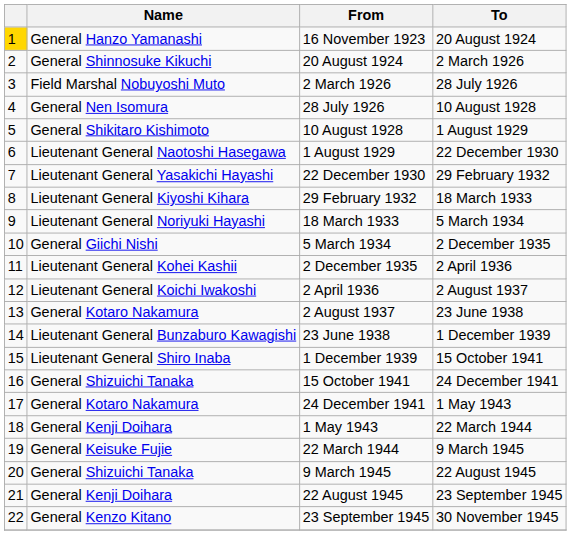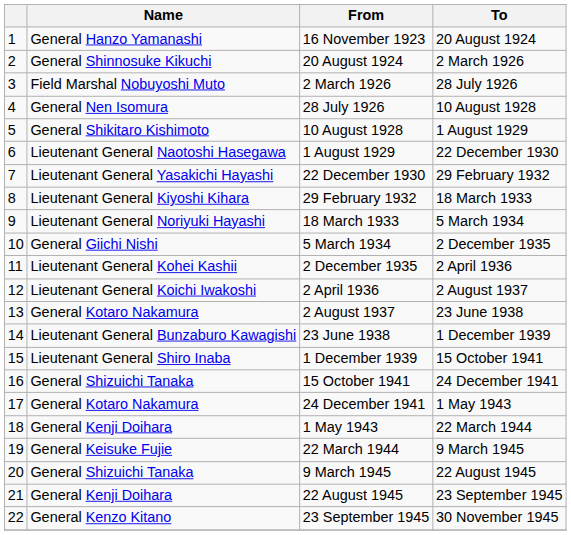 <table class=wikitable>
 <tr>
 <th></th>
 <th>Name</th>
 <th>From</th>
 <th>To</th>
 </tr>
 <tr>
-<td style="background: gold;">1</td>
+<td>1</td>
 <td>General <a href='#'>Hanzo Yamanashi</a></td>
 <td>16 November 1923</td>
 <td>20 August 1924</td>
 </tr>
 <tr>
 <td>2</td>
 <td>General <a href='#'>Shinnosuke Kikuchi</a></td>
 <td>20 August 1924</td>
 <td>2 March 1926</td>
 </tr>
 <tr>
 <td>3</td>
 <td>Field Marshal <a href='#'>Nobuyoshi Muto</a></td>
 <td>2 March 1926</td>
 <td>28 July 1926</td>
 </tr>
 <tr>
 <td>4</td>
 <td>General <a href='#'>Nen Isomura</a></td>
 <td>28 July 1926</td>
 <td>10 August 1928</td>
 </tr>
 <tr>
 <td>5</td>
 <td>General <a href='#'>Shikitaro Kishimoto</a></td>
 <td>10 August 1928</td>
 <td>1 August 1929</td>
 </tr>
 <tr>
 <td>6</td>
 <td>Lieutenant General <a href='#'>Naotoshi Hasegawa</a></td>
 <td>1 August 1929</td>
 <td>22 December 1930</td>
 </tr>
 <tr>
 <td>7</td>
 <td>Lieutenant General <a href='#'>Yasakichi Hayashi</a></td>
 <td>22 December 1930</td>
 <td>29 February 1932</td>
 </tr>
 <tr>
 <td>8</td>
 <td>Lieutenant General <a href='#'>Kiyoshi Kihara</a></td>
 <td>29 February 1932</td>
 <td>18 March 1933</td>
 </tr>
 <tr>
 <td>9</td>
 <td>Lieutenant General <a href='#'>Noriyuki Hayashi</a></td>
 <td>18 March 1933</td>
 <td>5 March 1934</td>
 </tr>
 <tr>
 <td>10</td>
 <td>General <a href='#'>Giichi Nishi</a></td>
 <td>5 March 1934</td>
 <td>2 December 1935</td>
 </tr>
 <tr>
 <td>11</td>
 <td>Lieutenant General <a href='#'>Kohei Kashii</a></td>
 <td>2 December 1935</td>
 <td>2 April 1936</td>
 </tr>
 <tr>
 <td>12</td>
 <td>Lieutenant General <a href='#'>Koichi Iwakoshi</a></td>
 <td>2 April 1936</td>
 <td>2 August 1937</td>
 </tr>
 <tr>
 <td>13</td>
 <td>General <a href='#'>Kotaro Nakamura</a></td>
 <td>2 August 1937</td>
 <td>23 June 1938</td>
 </tr>
 <tr>
 <td>14</td>
 <td>Lieutenant General <a href='#'>Bunzaburo Kawagishi</a></td>
 <td>23 June 1938</td>
 <td>1 December 1939</td>
 </tr>
 <tr>
 <td>15</td>
 <td>Lieutenant General <a href='#'>Shiro Inaba</a></td>
 <td>1 December 1939</td>
 <td>15 October 1941</td>
 </tr>
 <tr>
 <td>16</td>
 <td>General <a href='#'>Shizuichi Tanaka</a></td>
 <td>15 October 1941</td>
 <td>24 December 1941</td>
 </tr>
 <tr>
 <td>17</td>
 <td>General <a href='#'>Kotaro Nakamura</a></td>
 <td>24 December 1941</td>
 <td>1 May 1943</td>
 </tr>
 <tr>
 <td>18</td>
 <td>General <a href='#'>Kenji Doihara</a></td>
 <td>1 May 1943</td>
 <td>22 March 1944</td>
 </tr>
 <tr>
 <td>19</td>
 <td>General <a href='#'>Keisuke Fujie</a></td>
 <td>22 March 1944</td>
 <td>9 March 1945</td>
 </tr>
 <tr>
 <td>20</td>
 <td>General <a href='#'>Shizuichi Tanaka</a></td>
 <td>9 March 1945</td>
 <td>22 August 1945</td>
 </tr>
 <tr>
 <td>21</td>
 <td>General <a href='#'>Kenji Doihara</a></td>
 <td>22 August 1945</td>
 <td>23 September 1945</td>
 </tr>
 <tr>
 <td>22</td>
 <td>General <a href='#'>Kenzo Kitano</a></td>
 <td>23 September 1945</td>
 <td>30 November 1945</td>
 </tr>
 <tr>
 </tr>
 </table>
